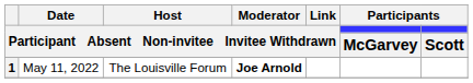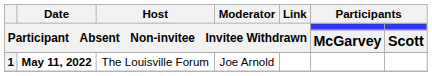 <table class="wikitable" style="text-align:center;">
 <tr style="font-size:small;">
 <th scope="col"></th>
 <th scope="col">Date</th>
 <th scope="col">Host</th>
 <th scope="col">Moderator</th>
 <th scope="col">Link</th>
 <th scope="col" colspan="2">Participants</th>
 </tr>
 <tr>
 <th colspan="5" rowspan="2"> <small>Participant  </small> <small>Absent  </small> <small>Non-invitee  </small> <small>Invitee Withdrawn</small></th>
 <th scope="col" style="background:#3333FF;"></th>
 <th scope="col" style="background:#3333FF;"></th>
 </tr>
 <tr>
 <th scope="col">McGarvey</th>
 <th scope="col">Scott</th>
 </tr>
 <tr>
 </tr>
 <tr style="background:#FFFFFF;font-size:small;">
 <th scope="row">1</th>
-<td style="white-space:nowrap;">May 11, 2022</td>
+<td style="white-space:nowrap;"><strong>May 11, 2022</strong></td>
 <td style="white-space:nowrap;">The Louisville Forum</td>
-<td style="white-space:nowrap;"><strong>Joe Arnold</strong></td>
+<td style="white-space:nowrap;">Joe Arnold</td>
 <td style="white-space:nowrap;"></td>
 <td></td>
 <td></td>
 </tr>
 <tr>
 </tr>
 </table>
